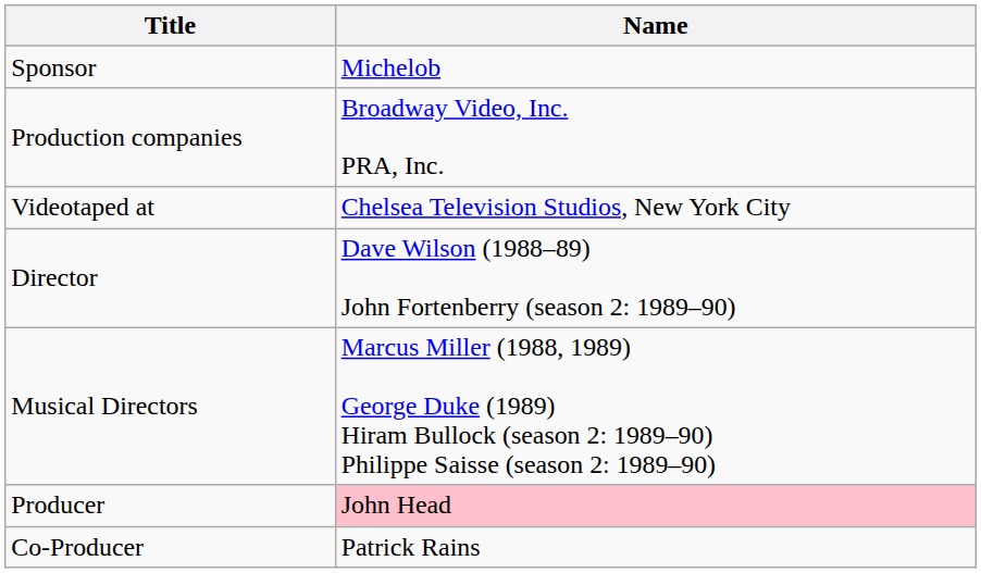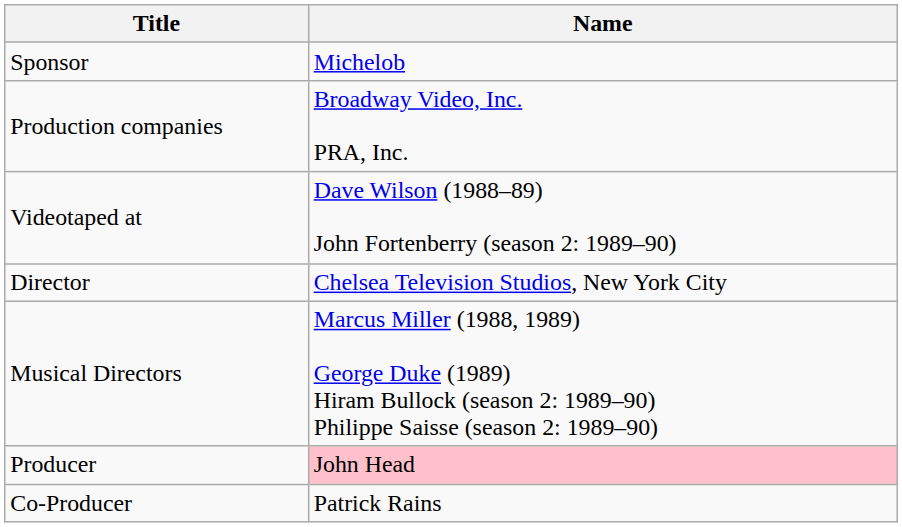 <table class="wikitable" border="1" align="center" width="600px">
 <tr>
 <th width="34%">Title</th>
 <th width="66%">Name</th>
 </tr>
 <tr>
 <td>Sponsor</td>
 <td><a href='#'>Michelob</a></td>
 </tr>
 <tr>
 <td>Production companies</td>
 <td><a href='#'>Broadway Video, Inc.</a><br><br>PRA, Inc.</td>
 </tr>
 <tr>
 <td>Videotaped at</td>
-<td><a href='#'>Chelsea Television Studios</a>, New York City</td>
+<td><a href='#'>Dave Wilson</a> (1988–89)<br><br>John Fortenberry (season 2: 1989–90)</td>
 </tr>
 <tr>
 <td>Director</td>
-<td><a href='#'>Dave Wilson</a> (1988–89)<br><br>John Fortenberry (season 2: 1989–90)</td>
+<td><a href='#'>Chelsea Television Studios</a>, New York City</td>
 </tr>
 <tr>
 <td>Musical Directors</td>
 <td><a href='#'>Marcus Miller</a> (1988, 1989)<br><br><a href='#'>George Duke</a> (1989)<br> Hiram Bullock (season 2: 1989–90)<br> Philippe Saisse (season 2: 1989–90)</td>
 </tr>
 <tr>
 <td>Producer</td>
 <td style="background: pink;">John Head</td>
 </tr>
 <tr>
 <td>Co-Producer</td>
 <td>Patrick Rains</td>
 </tr>
 </table>
